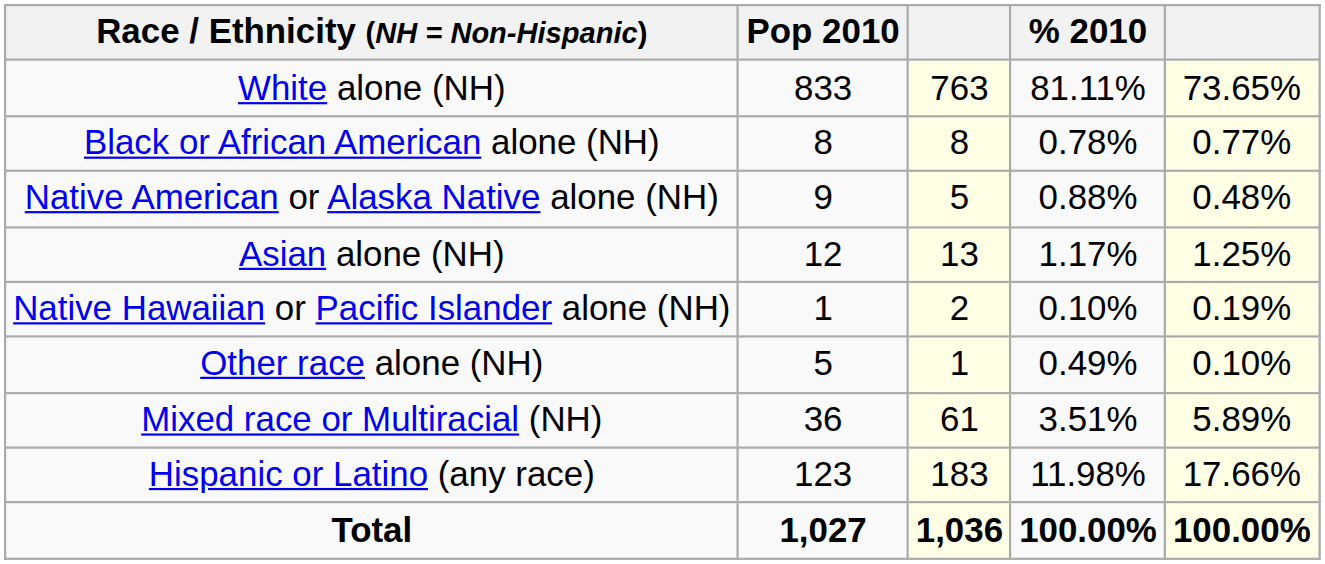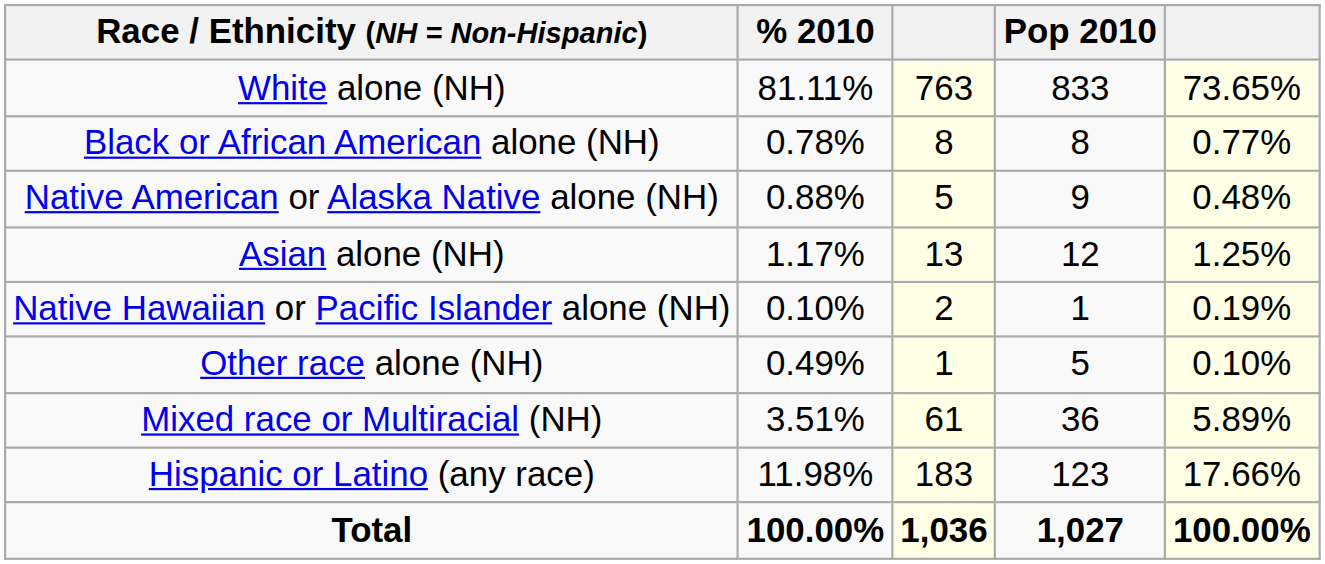 <table class="wikitable" style="text-align:center;">
 <tr>
 <th>Race / Ethnicity <small>(<em>NH = Non-Hispanic</em>)</small></th>
+<th>% 2010</th>
+<th></th>
 <th>Pop 2010</th>
-<th></th>
-<th>% 2010</th>
 <th></th>
 </tr>
 <tr>
 <td><a href='#'>White</a> alone (NH)</td>
+<td>81.11%</td>
+<td style='background: #ffffe6;'>763</td>
 <td>833</td>
-<td style='background: #ffffe6;'>763</td>
-<td>81.11%</td>
 <td style='background: #ffffe6;'>73.65%</td>
 </tr>
 <tr>
 <td><a href='#'>Black or African American</a> alone (NH)</td>
+<td>0.78%</td>
+<td style='background: #ffffe6;'>8</td>
 <td>8</td>
-<td style='background: #ffffe6;'>8</td>
-<td>0.78%</td>
 <td style='background: #ffffe6;'>0.77%</td>
 </tr>
 <tr>
 <td><a href='#'>Native American</a> or <a href='#'>Alaska Native</a> alone (NH)</td>
+<td>0.88%</td>
+<td style='background: #ffffe6;'>5</td>
 <td>9</td>
-<td style='background: #ffffe6;'>5</td>
-<td>0.88%</td>
 <td style='background: #ffffe6;'>0.48%</td>
 </tr>
 <tr>
 <td><a href='#'>Asian</a> alone (NH)</td>
+<td>1.17%</td>
+<td style='background: #ffffe6;'>13</td>
 <td>12</td>
-<td style='background: #ffffe6;'>13</td>
-<td>1.17%</td>
 <td style='background: #ffffe6;'>1.25%</td>
 </tr>
 <tr>
 <td><a href='#'>Native Hawaiian</a> or <a href='#'>Pacific Islander</a> alone (NH)</td>
+<td>0.10%</td>
+<td style='background: #ffffe6;'>2</td>
 <td>1</td>
-<td style='background: #ffffe6;'>2</td>
-<td>0.10%</td>
 <td style='background: #ffffe6;'>0.19%</td>
 </tr>
 <tr>
 <td><a href='#'>Other race</a> alone (NH)</td>
+<td>0.49%</td>
+<td style='background: #ffffe6;'>1</td>
 <td>5</td>
-<td style='background: #ffffe6;'>1</td>
-<td>0.49%</td>
 <td style='background: #ffffe6;'>0.10%</td>
 </tr>
 <tr>
 <td><a href='#'>Mixed race or Multiracial</a> (NH)</td>
+<td>3.51%</td>
+<td style='background: #ffffe6;'>61</td>
 <td>36</td>
-<td style='background: #ffffe6;'>61</td>
-<td>3.51%</td>
 <td style='background: #ffffe6;'>5.89%</td>
 </tr>
 <tr>
 <td><a href='#'>Hispanic or Latino</a> (any race)</td>
+<td>11.98%</td>
+<td style='background: #ffffe6;'>183</td>
 <td>123</td>
-<td style='background: #ffffe6;'>183</td>
-<td>11.98%</td>
 <td style='background: #ffffe6;'>17.66%</td>
 </tr>
 <tr>
 <td><strong>Total</strong></td>
+<td><strong>100.00%</strong></td>
+<td style='background: #ffffe6;'><strong>1,036</strong></td>
 <td><strong>1,027</strong></td>
-<td style='background: #ffffe6;'><strong>1,036</strong></td>
-<td><strong>100.00%</strong></td>
 <td style='background: #ffffe6;'><strong>100.00%</strong></td>
 </tr>
 </table>
